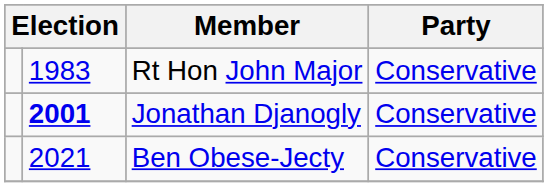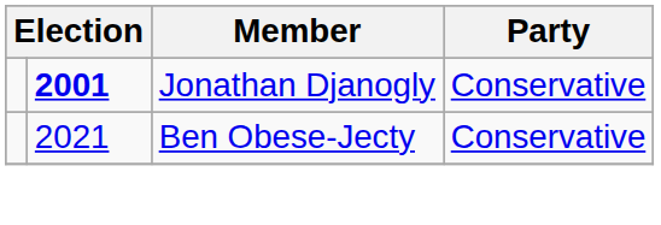 <table class="wikitable">
 <tr>
 <th colspan="2">Election</th>
 <th>Member</th>
 <th>Party</th>
-</tr>
-<tr>
-<td style="color:inherit;background-color: "></td>
-<td><a href='#'>1983</a></td>
-<td>Rt Hon <a href='#'>John Major</a></td>
-<td><a href='#'>Conservative</a></td>
 </tr>
 <tr>
 <td style="color:inherit;background-color: "></td>
 <td><strong><a href='#'>2001</a></strong></td>
 <td><a href='#'>Jonathan Djanogly</a></td>
 <td><a href='#'>Conservative</a></td>
 </tr>
 <tr>
 <td style="color:inherit;background-color: "></td>
 <td><a href='#'>2021</a></td>
 <td><a href='#'>Ben Obese-Jecty</a></td>
 <td><a href='#'>Conservative</a></td>
 </tr>
 <tr>
 </tr>
 </table>
